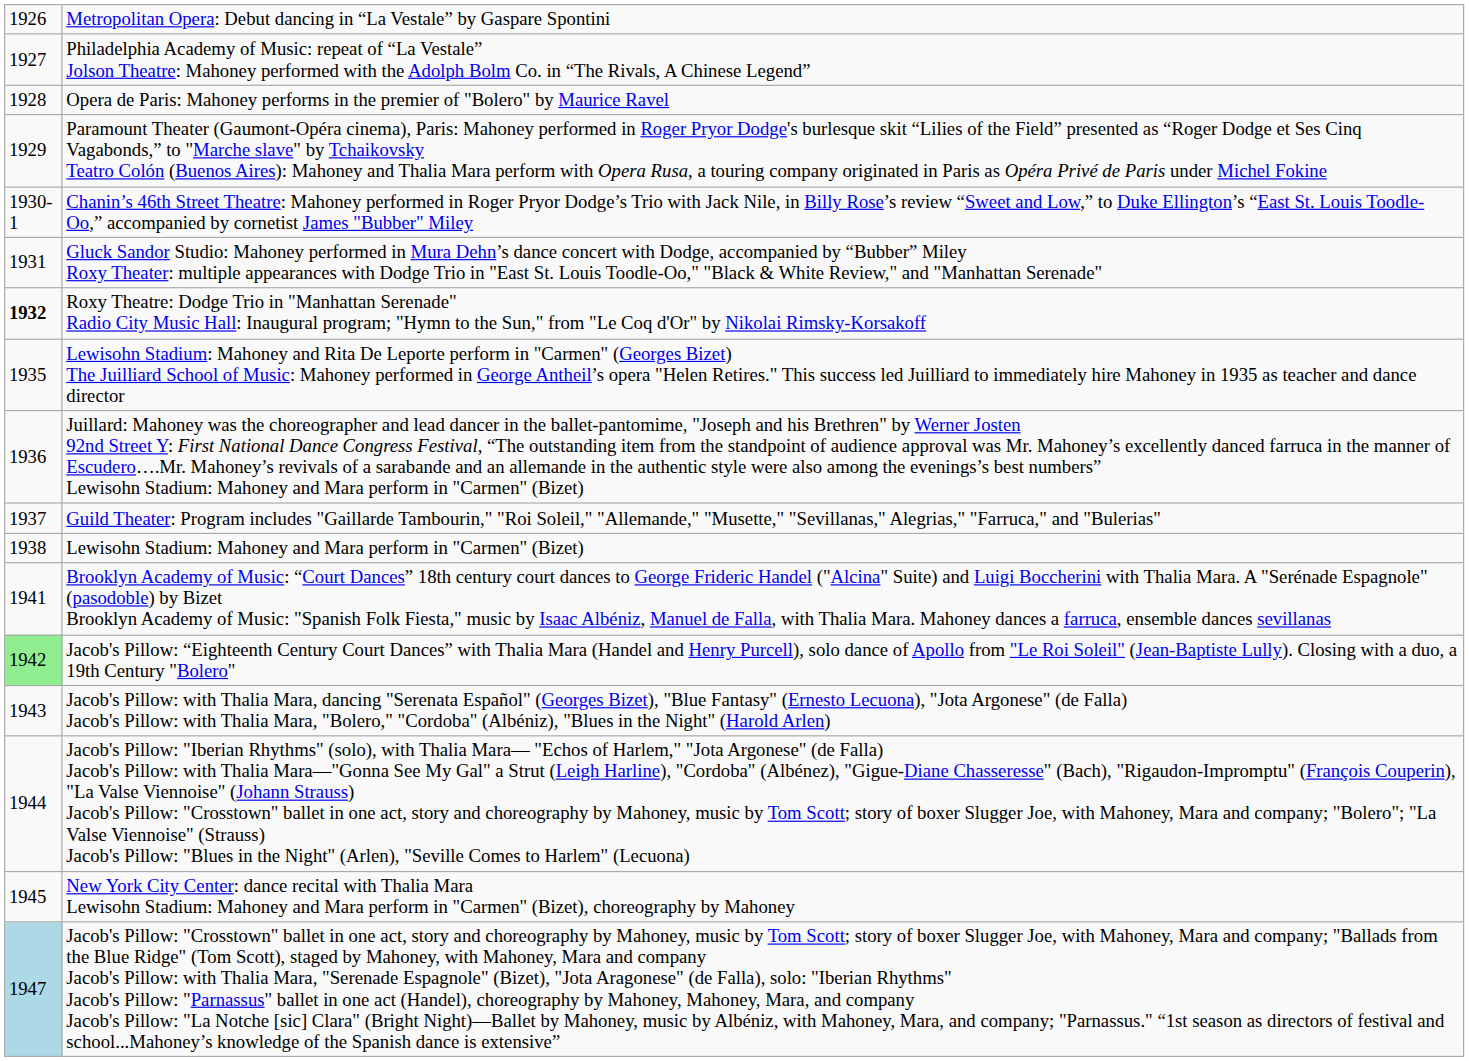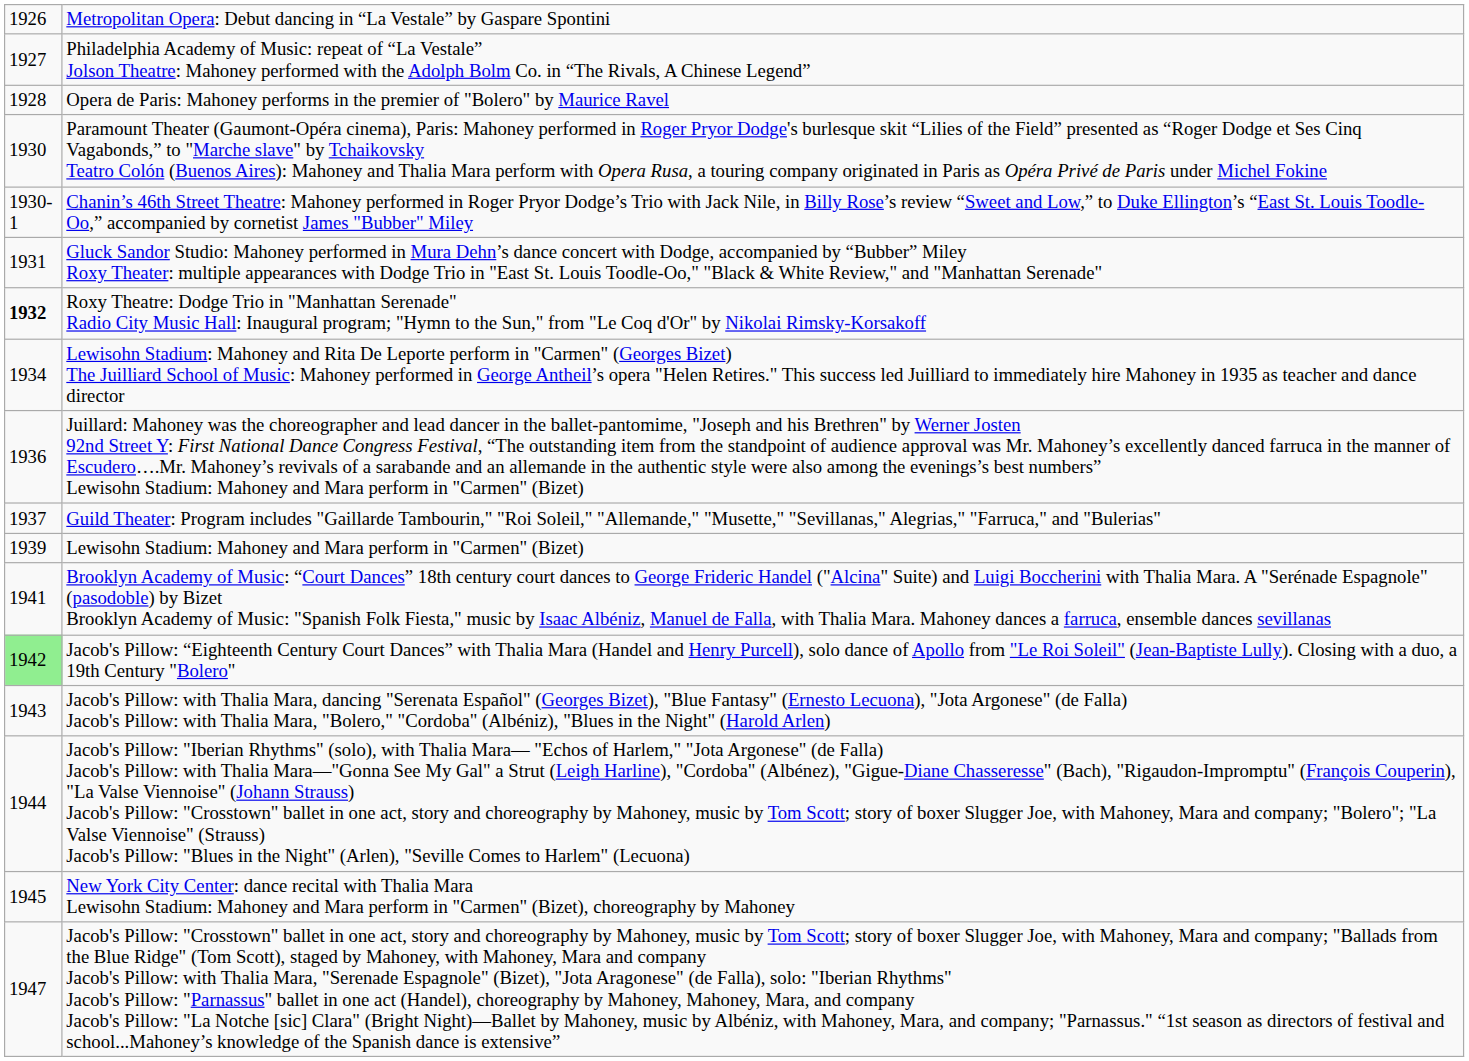 <table class="wikitable">
 <tr>
 <td>1926</td>
 <td><a href='#'>Metropolitan Opera</a>: Debut dancing in “La Vestale” by Gaspare Spontini</td>
 </tr>
 <tr>
 <td>1927</td>
 <td>Philadelphia Academy of Music: repeat of “La Vestale”<br><a href='#'>Jolson Theatre</a>: Mahoney performed with the <a href='#'>Adolph Bolm</a> Co. in “The Rivals, A Chinese Legend”</td>
 </tr>
 <tr>
 <td>1928</td>
 <td>Opera de Paris: Mahoney performs in the premier of "Bolero" by <a href='#'>Maurice Ravel</a></td>
 </tr>
 <tr>
-<td>1929</td>
+<td>1930</td>
 <td>Paramount Theater (Gaumont-Opéra cinema), Paris: Mahoney performed in <a href='#'>Roger Pryor Dodge</a>'s burlesque skit “Lilies of the Field” presented as “Roger Dodge et Ses Cinq Vagabonds,” to "<a href='#'>Marche slave</a>" by <a href='#'>Tchaikovsky</a><br><a href='#'>Teatro Colón</a> (<a href='#'>Buenos Aires</a>): Mahoney and Thalia Mara perform with <em>Opera Rusa</em>, a touring company originated in Paris as <em>Opéra Privé de Paris</em> under <a href='#'>Michel Fokine</a></td>
 </tr>
 <tr>
 <td>1930-1</td>
 <td><a href='#'>Chanin’s 46th Street Theatre</a>: Mahoney performed in Roger Pryor Dodge’s Trio with Jack Nile, in <a href='#'>Billy Rose</a>’s review “<a href='#'>Sweet and Low</a>,” to <a href='#'>Duke Ellington</a>’s “<a href='#'>East St. Louis Toodle-Oo</a>,” accompanied by cornetist <a href='#'>James "Bubber" Miley</a></td>
 </tr>
 <tr>
 <td>1931</td>
 <td><a href='#'>Gluck Sandor</a> Studio: Mahoney performed in <a href='#'>Mura Dehn</a>’s dance concert with Dodge, accompanied by “Bubber” Miley<br><a href='#'>Roxy Theater</a>: multiple appearances with Dodge Trio in "East St. Louis Toodle-Oo," "Black & White Review," and "Manhattan Serenade"</td>
 </tr>
 <tr>
 <td><strong>1932</strong></td>
 <td>Roxy Theatre: Dodge Trio in "Manhattan Serenade"<br><a href='#'>Radio City Music Hall</a>: Inaugural program; "Hymn to the Sun," from "Le Coq d'Or" by <a href='#'>Nikolai Rimsky-Korsakoff</a></td>
 </tr>
 <tr>
-<td>1935</td>
+<td>1934</td>
 <td><a href='#'>Lewisohn Stadium</a>: Mahoney and Rita De Leporte perform in "Carmen" (<a href='#'>Georges Bizet</a>)<br><a href='#'>The Juilliard School of Music</a>: Mahoney performed in <a href='#'>George Antheil</a>’s opera "Helen Retires." This success led Juilliard to immediately hire Mahoney in 1935 as teacher and dance director</td>
 </tr>
 <tr>
 <td>1936</td>
 <td>Juillard: Mahoney was the choreographer and lead dancer in the ballet-pantomime, "Joseph and his Brethren" by <a href='#'>Werner Josten</a><br><a href='#'>92nd Street Y</a>: <em>First National Dance Congress Festival</em>, “The outstanding item from the standpoint of audience approval was Mr. Mahoney’s excellently danced farruca in the manner of <a href='#'>Escudero</a>….Mr. Mahoney’s revivals of a sarabande and an allemande in the authentic style were also among the evenings’s best numbers”<br>Lewisohn Stadium: Mahoney and Mara perform in "Carmen" (Bizet)</td>
 </tr>
 <tr>
 <td>1937</td>
 <td><a href='#'>Guild Theater</a>: Program includes "Gaillarde Tambourin," "Roi Soleil," "Allemande," "Musette," "Sevillanas," Alegrias," "Farruca," and "Bulerias"</td>
 </tr>
 <tr>
-<td>1938</td>
+<td>1939</td>
 <td>Lewisohn Stadium: Mahoney and Mara perform in "Carmen" (Bizet)</td>
 </tr>
 <tr>
 <td>1941</td>
 <td><a href='#'>Brooklyn Academy of Music</a>: “<a href='#'>Court Dances</a>” 18th century court dances to <a href='#'>George Frideric Handel</a> ("<a href='#'>Alcina</a>" Suite) and <a href='#'>Luigi Boccherini</a> with Thalia Mara. A "Serénade Espagnole" (<a href='#'>pasodoble</a>) by Bizet<br>Brooklyn Academy of Music: "Spanish Folk Fiesta," music by <a href='#'>Isaac Albéniz</a>, <a href='#'>Manuel de Falla</a>, with Thalia Mara. Mahoney dances a <a href='#'>farruca</a>, ensemble dances <a href='#'>sevillanas</a></td>
 </tr>
 <tr>
 <td style="background: lightgreen;">1942</td>
 <td>Jacob's Pillow: “Eighteenth Century Court Dances” with Thalia Mara (Handel and <a href='#'>Henry Purcell</a>), solo dance of <a href='#'>Apollo</a> from <a href='#'>"Le Roi Soleil"</a> (<a href='#'>Jean-Baptiste Lully</a>). Closing with a duo, a 19th Century "<a href='#'>Bolero</a>"</td>
 </tr>
 <tr>
 <td>1943</td>
 <td>Jacob's Pillow: with Thalia Mara, dancing "Serenata Español" (<a href='#'>Georges Bizet</a>), "Blue Fantasy" (<a href='#'>Ernesto Lecuona</a>), "Jota Argonese" (de Falla)<br>Jacob's Pillow: with Thalia Mara, "Bolero," "Cordoba" (Albéniz), "Blues in the Night" (<a href='#'>Harold Arlen</a>)</td>
 </tr>
 <tr>
 <td>1944</td>
 <td>Jacob's Pillow: "Iberian Rhythms" (solo), with Thalia Mara— "Echos of Harlem," "Jota Argonese" (de Falla)<br>Jacob's Pillow: with Thalia Mara—"Gonna See My Gal" a Strut (<a href='#'>Leigh Harline</a>), "Cordoba" (Albénez), "Gigue-<a href='#'>Diane Chasseresse</a>" (Bach), "Rigaudon-Impromptu" (<a href='#'>François Couperin</a>), "La Valse Viennoise" (<a href='#'>Johann Strauss</a>)<br>Jacob's Pillow: "Crosstown" ballet in one act, story and choreography by Mahoney, music by <a href='#'>Tom Scott</a>; story of boxer Slugger Joe, with Mahoney, Mara and company; "Bolero"; "La Valse Viennoise" (Strauss)<br>Jacob's Pillow: "Blues in the Night" (Arlen), "Seville Comes to Harlem" (Lecuona)</td>
 </tr>
 <tr>
 <td>1945</td>
 <td><a href='#'>New York City Center</a>: dance recital with Thalia Mara<br>Lewisohn Stadium: Mahoney and Mara perform in "Carmen" (Bizet), choreography by Mahoney</td>
 </tr>
 <tr>
-<td style="background: lightblue;">1947</td>
+<td>1947</td>
 <td>Jacob's Pillow: "Crosstown" ballet in one act, story and choreography by Mahoney, music by <a href='#'>Tom Scott</a>; story of boxer Slugger Joe, with Mahoney, Mara and company; "Ballads from the Blue Ridge" (Tom Scott), staged by Mahoney, with Mahoney, Mara and company<br>Jacob's Pillow: with Thalia Mara, "Serenade Espagnole" (Bizet), "Jota Aragonese" (de Falla), solo: "Iberian Rhythms"<br>Jacob's Pillow: "<a href='#'>Parnassus</a>" ballet in one act (Handel), choreography by Mahoney, Mahoney, Mara, and company<br>Jacob's Pillow: "La Notche [sic] Clara" (Bright Night)—Ballet by Mahoney, music by Albéniz, with Mahoney, Mara, and company; "Parnassus."  “1st season as directors of festival and school...Mahoney’s knowledge of the Spanish dance is extensive”</td>
 </tr>
 </table>
